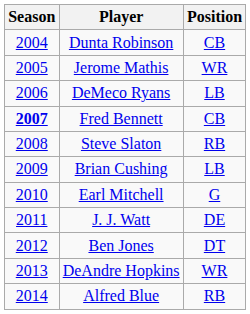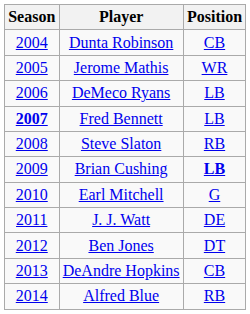 <table class="wikitable" style="text-align:center">
 <tr bgcolor="#efefef">
 <th>Season</th>
 <th>Player</th>
 <th>Position</th>
 </tr>
 <tr>
 <td><a href='#'>2004</a></td>
 <td><a href='#'>Dunta Robinson</a></td>
 <td><a href='#'>CB</a></td>
 </tr>
 <tr>
 <td><a href='#'>2005</a></td>
 <td><a href='#'>Jerome Mathis</a></td>
 <td><a href='#'>WR</a></td>
 </tr>
 <tr>
 <td><a href='#'>2006</a></td>
 <td><a href='#'>DeMeco Ryans</a></td>
 <td><a href='#'>LB</a></td>
 </tr>
 <tr>
 <td><strong><a href='#'>2007</a></strong></td>
 <td><a href='#'>Fred Bennett</a></td>
-<td><a href='#'>CB</a></td>
+<td><a href='#'>LB</a></td>
 </tr>
 <tr>
 <td><a href='#'>2008</a></td>
 <td><a href='#'>Steve Slaton</a></td>
 <td><a href='#'>RB</a></td>
 </tr>
 <tr>
 <td><a href='#'>2009</a></td>
 <td><a href='#'>Brian Cushing</a></td>
-<td><a href='#'>LB</a></td>
+<td><strong><a href='#'>LB</a></strong></td>
 </tr>
 <tr>
 <td><a href='#'>2010</a></td>
 <td><a href='#'>Earl Mitchell</a></td>
 <td><a href='#'>G</a></td>
 </tr>
 <tr>
 <td><a href='#'>2011</a></td>
 <td><a href='#'>J. J. Watt</a></td>
 <td><a href='#'>DE</a></td>
 </tr>
 <tr>
 <td><a href='#'>2012</a></td>
 <td><a href='#'>Ben Jones</a></td>
 <td><a href='#'>DT</a></td>
 </tr>
 <tr>
 <td><a href='#'>2013</a></td>
 <td><a href='#'>DeAndre Hopkins</a></td>
-<td><a href='#'>WR</a></td>
+<td><a href='#'>CB</a></td>
 </tr>
 <tr>
 <td><a href='#'>2014</a></td>
 <td><a href='#'>Alfred Blue</a></td>
 <td><a href='#'>RB</a></td>
 </tr>
 </table>
